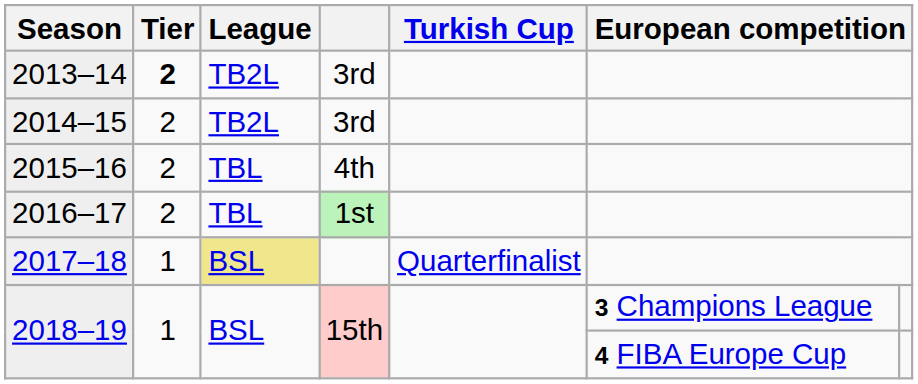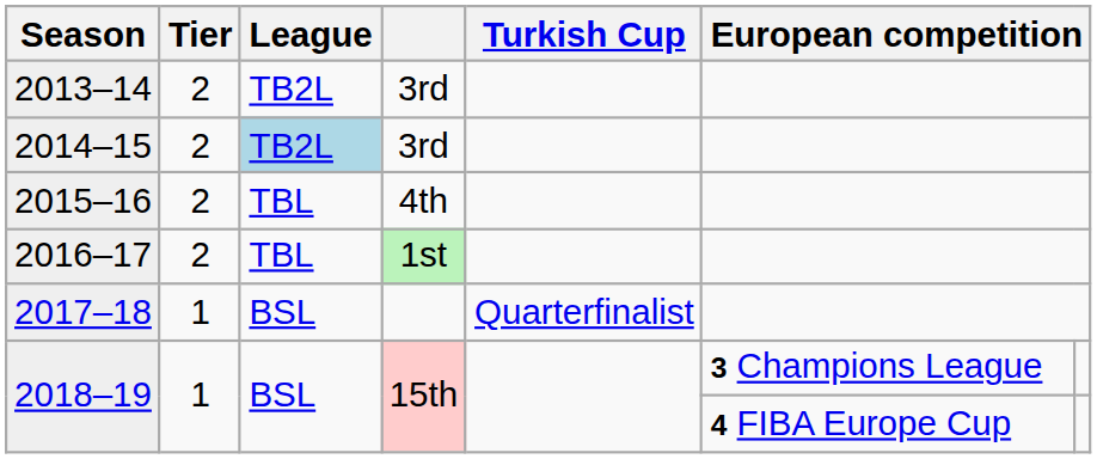 <table class="wikitable" style="font-size:85%;">
 <tr>
 <th>Season</th>
 <th>Tier</th>
 <th>League</th>
 <th></th>
 <th><a href='#'>Turkish Cup</a></th>
 <th colspan=2>European competition</th>
 </tr>
 <tr>
 <td style="background:#efefef;">2013–14</td>
-<td align="center"><strong>2</strong></td>
+<td align="center">2</td>
 <td><a href='#'>TB2L</a></td>
 <td align="center">3rd</td>
 <td></td>
 <td colspan=2></td>
 </tr>
 <tr>
 <td style="background:#efefef;">2014–15</td>
 <td align="center">2</td>
-<td><a href='#'>TB2L</a></td>
+<td style="background: lightblue;"><a href='#'>TB2L</a></td>
 <td align="center">3rd</td>
 <td></td>
 <td colspan=2></td>
 </tr>
 <tr>
 <td style="background:#efefef;">2015–16</td>
 <td align="center">2</td>
 <td><a href='#'>TBL</a></td>
 <td align="center">4th</td>
 <td></td>
 <td colspan=2></td>
 </tr>
 <tr>
 <td style="background:#efefef;">2016–17</td>
 <td align="center">2</td>
 <td><a href='#'>TBL</a></td>
 <td style="background:#BBF3BB" align="center">1st</td>
 <td></td>
 <td colspan=2></td>
 </tr>
 <tr>
 <td style="background:#efefef;"><a href='#'>2017–18</a></td>
 <td align="center">1</td>
-<td style="background: khaki;"><a href='#'>BSL</a></td>
+<td><a href='#'>BSL</a></td>
 <td></td>
 <td><a href='#'>Quarterfinalist</a></td>
 <td colspan=2></td>
 </tr>
 <tr>
 <td rowspan=2 style="background:#efefef;"><a href='#'>2018–19</a></td>
 <td rowspan=2 align="center">1</td>
 <td rowspan=2><a href='#'>BSL</a></td>
 <td rowspan=2 bgcolor=#fcc>15th</td>
 <td rowspan=2></td>
 <td><small><strong>3</strong></small> <a href='#'>Champions League</a></td>
 <td align=center></td>
 </tr>
 <tr>
 <td><small><strong>4</strong></small> <a href='#'>FIBA Europe Cup</a></td>
 <td align=center></td>
 </tr>
 </table>
